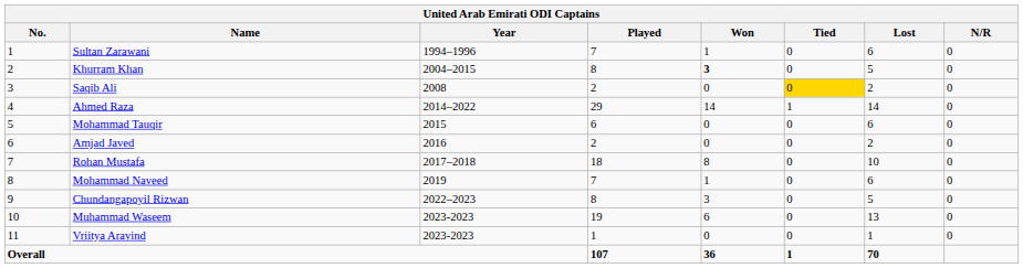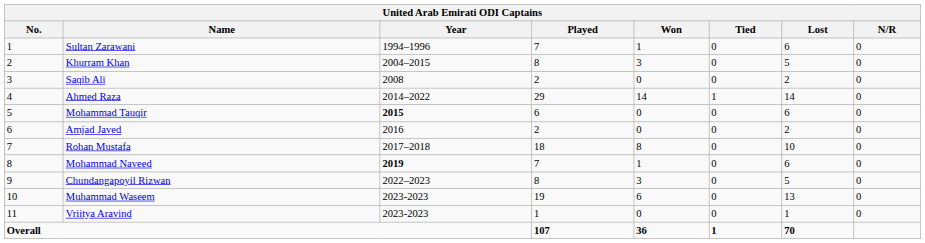 <table class="wikitable" width="70%">
 <tr>
 <th bgcolor="#efefef" colspan=9>United Arab Emirati ODI Captains</th>
 </tr>
 <tr bgcolor="#efefef">
 <th>No.</th>
 <th>Name</th>
 <th>Year</th>
 <th>Played</th>
 <th>Won</th>
 <th>Tied</th>
 <th>Lost</th>
 <th>N/R</th>
 </tr>
 <tr>
 <td>1</td>
 <td><a href='#'>Sultan Zarawani</a></td>
 <td>1994–1996</td>
 <td>7</td>
 <td>1</td>
 <td>0</td>
 <td>6</td>
 <td>0</td>
 </tr>
 <tr>
 <td>2</td>
 <td><a href='#'>Khurram Khan</a></td>
 <td>2004–2015</td>
 <td>8</td>
-<td><strong>3</strong></td>
+<td>3</td>
 <td>0</td>
 <td>5</td>
 <td>0</td>
 </tr>
 <tr>
 <td>3</td>
 <td><a href='#'>Saqib Ali</a></td>
 <td>2008</td>
 <td>2</td>
 <td>0</td>
-<td style="background: gold;">0</td>
+<td>0</td>
 <td>2</td>
 <td>0</td>
 </tr>
 <tr>
 <td>4</td>
 <td><a href='#'>Ahmed Raza</a></td>
 <td>2014–2022</td>
 <td>29</td>
 <td>14</td>
 <td>1</td>
 <td>14</td>
 <td>0</td>
 </tr>
 <tr>
 <td>5</td>
 <td><a href='#'>Mohammad Tauqir</a></td>
-<td>2015</td>
+<td><strong>2015</strong></td>
 <td>6</td>
 <td>0</td>
 <td>0</td>
 <td>6</td>
 <td>0</td>
 </tr>
 <tr>
 <td>6</td>
 <td><a href='#'>Amjad Javed</a></td>
 <td>2016</td>
 <td>2</td>
 <td>0</td>
 <td>0</td>
 <td>2</td>
 <td>0</td>
 </tr>
 <tr>
 <td>7</td>
 <td><a href='#'>Rohan Mustafa</a></td>
 <td>2017–2018</td>
 <td>18</td>
 <td>8</td>
 <td>0</td>
 <td>10</td>
 <td>0</td>
 </tr>
 <tr>
 <td>8</td>
 <td><a href='#'>Mohammad Naveed</a></td>
-<td>2019</td>
+<td><strong>2019</strong></td>
 <td>7</td>
 <td>1</td>
 <td>0</td>
 <td>6</td>
 <td>0</td>
 </tr>
 <tr>
 <td>9</td>
 <td><a href='#'>Chundangapoyil Rizwan</a></td>
 <td>2022–2023</td>
 <td>8</td>
 <td>3</td>
 <td>0</td>
 <td>5</td>
 <td>0</td>
 </tr>
 <tr>
 <td>10</td>
 <td><a href='#'>Muhammad Waseem</a></td>
 <td>2023-2023</td>
 <td>19</td>
 <td>6</td>
 <td>0</td>
 <td>13</td>
 <td>0</td>
 </tr>
 <tr>
 <td>11</td>
 <td><a href='#'>Vriitya Aravind</a></td>
 <td>2023-2023</td>
 <td>1</td>
 <td>0</td>
 <td>0</td>
 <td>1</td>
 <td>0</td>
 </tr>
 <tr>
 <td colspan=3><strong>Overall</strong></td>
 <td><strong>107</strong></td>
 <td><strong>36</strong></td>
 <td><strong>1</strong></td>
 <td><strong>70</strong></td>
 </tr>
 </table>
